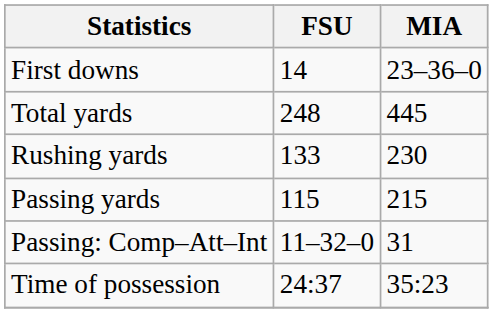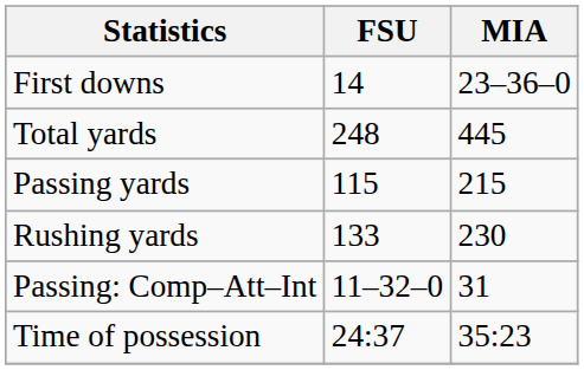 <table class="wikitable" style="float: left;">
 <tr>
 <th>Statistics</th>
 <th>FSU</th>
 <th>MIA</th>
 </tr>
 <tr>
 <td>First downs</td>
 <td>14</td>
 <td>23–36–0</td>
 </tr>
 <tr>
 <td>Total yards</td>
 <td>248</td>
 <td>445</td>
 </tr>
 <tr>
+<td>Passing yards</td>
+<td>115</td>
+<td>215</td>
+</tr>
+<tr>
 <td>Rushing yards</td>
 <td>133</td>
 <td>230</td>
-</tr>
-<tr>
-<td>Passing yards</td>
-<td>115</td>
-<td>215</td>
 </tr>
 <tr>
 <td>Passing: Comp–Att–Int</td>
 <td>11–32–0</td>
 <td>31</td>
 </tr>
 <tr>
 <td>Time of possession</td>
 <td>24:37</td>
 <td>35:23</td>
 </tr>
 <tr>
 </tr>
 </table>
